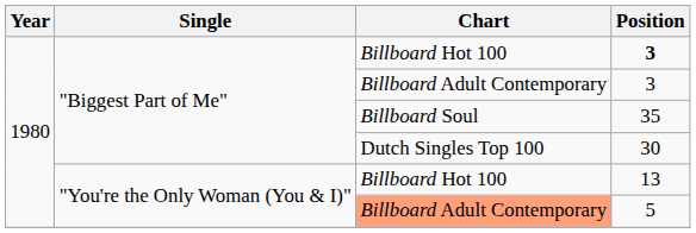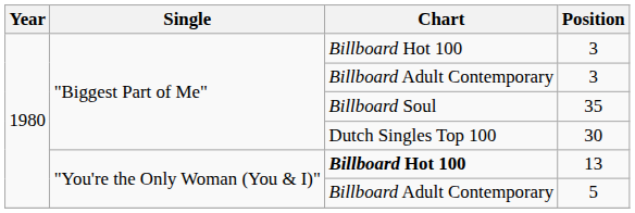 <table class="wikitable">
 <tr>
 <th>Year</th>
 <th>Single</th>
 <th>Chart</th>
 <th>Position</th>
 </tr>
 <tr>
 <td rowspan="6">1980</td>
 <td rowspan="4">"Biggest Part of Me"</td>
 <td><em>Billboard</em> Hot 100</td>
-<td align="center"><strong>3</strong></td>
+<td align="center">3</td>
 </tr>
 <tr>
 <td><em>Billboard</em> Adult Contemporary</td>
 <td align="center">3</td>
 </tr>
 <tr>
 <td><em>Billboard</em> Soul</td>
 <td align="center">35</td>
 </tr>
 <tr>
 <td>Dutch Singles Top 100</td>
 <td align="center">30</td>
 </tr>
 <tr>
 <td rowspan="2">"You're the Only Woman (You & I)"</td>
-<td><em>Billboard</em> Hot 100</td>
+<td><strong><em>Billboard</em> Hot 100</strong></td>
 <td align="center">13</td>
 </tr>
 <tr>
-<td style="background: lightsalmon;"><em>Billboard</em> Adult Contemporary</td>
+<td><em>Billboard</em> Adult Contemporary</td>
 <td align="center">5</td>
 </tr>
 <tr>
 </tr>
 </table>
